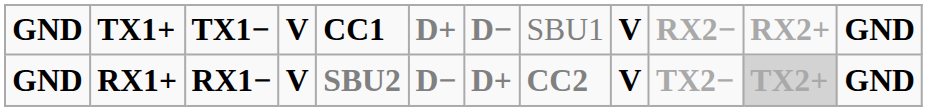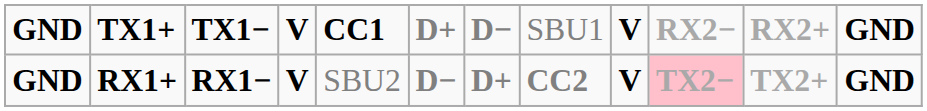 <table class="wikitable">
 <tr>
 <td><strong>GND</strong></td>
 <td><strong>TX1+</strong></td>
 <td><strong>TX1−</strong></td>
 <td><strong>V</strong></td>
 <td><strong>CC1</strong></td>
 <td style="color:gray"><strong>D+</strong></td>
 <td style="color:gray"><strong>D−</strong></td>
 <td style="color:gray">SBU1</td>
 <td><strong>V</strong></td>
 <td style="color:darkgray"><strong>RX2−</strong></td>
 <td style="color:darkgray"><strong>RX2+</strong></td>
 <td><strong>GND</strong></td>
 </tr>
 <tr -->
 <td><strong>GND</strong></td>
 <td><strong>RX1+</strong></td>
 <td><strong>RX1−</strong></td>
 <td><strong>V</strong></td>
-<td style="color:gray"><strong>SBU2</strong></td>
+<td style="color:gray">SBU2</td>
 <td style="color:gray"><strong>D−</strong></td>
 <td style="color:gray"><strong>D+</strong></td>
 <td style="color:gray"><strong>CC2</strong></td>
 <td><strong>V</strong></td>
-<td style="color:darkgray"><strong>TX2−</strong></td>
-<td style="background: lightgrey; color:darkgray"><strong>TX2+</strong></td>
+<td style="background: pink; color:darkgray"><strong>TX2−</strong></td>
+<td style="color:darkgray"><strong>TX2+</strong></td>
 <td><strong>GND</strong></td>
 </tr>
 </table>
